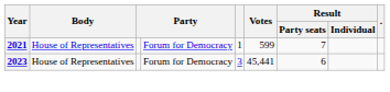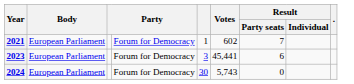 <table class="wikitable plainrowheaders sortable" border=2 cellpadding=4 cellspacing=0 style="border: 1px #aaa solid; font-size: 90%; text-align:center;">
 <tr>
 <th scope="col" rowspan=2>Year</th>
 <th scope="col" rowspan=2>Body</th>
 <th scope="col" colspan=2 rowspan=2>Party</th>
 <th scope="col" rowspan=2></th>
 <th scope="col" rowspan=2>Votes</th>
 <th scope="colgroup" colspan=2>Result</th>
 <th scope="col" rowspan=2 class="unsortable">.</th>
 </tr>
 <tr>
 <th scope="col">Party seats</th>
 <th scope="col">Individual</th>
 </tr>
 <tr>
 <th scope="row"><a href='#'>2021</a></th>
-<td><a href='#'>House of Representatives</a></td>
+<td><a href='#'>European Parliament</a></td>
 <td style="background-color:"></td>
 <td><a href='#'>Forum for Democracy</a></td>
 <td style=text-align:right>1</td>
-<td style=text-align:right>599</td>
+<td style=text-align:right>602</td>
 <td style=text-align:right>7</td>
 <td></td>
 <td></td>
 </tr>
 <tr>
 <th scope="row"><a href='#'>2023</a></th>
-<td>House of Representatives</td>
+<td><a href='#'>European Parliament</a></td>
 <td style="background-color:"></td>
 <td>Forum for Democracy</td>
 <td style=text-align:right><a href='#'>3</a></td>
 <td style=text-align:right>45,441</td>
 <td style=text-align:right>6</td>
 <td></td>
 <td></td>
 </tr>
+<tr>
+<th scope="row"><a href='#'>2024</a></th>
+<td><a href='#'>European Parliament</a></td>
+<td style="background-color:"></td>
+<td>Forum for Democracy</td>
+<td style=text-align:right><a href='#'>30</a></td>
+<td style=text-align:right>5,743</td>
+<td style=text-align:right>0</td>
+<td></td>
+<td></td>
+</tr>
 </table>
